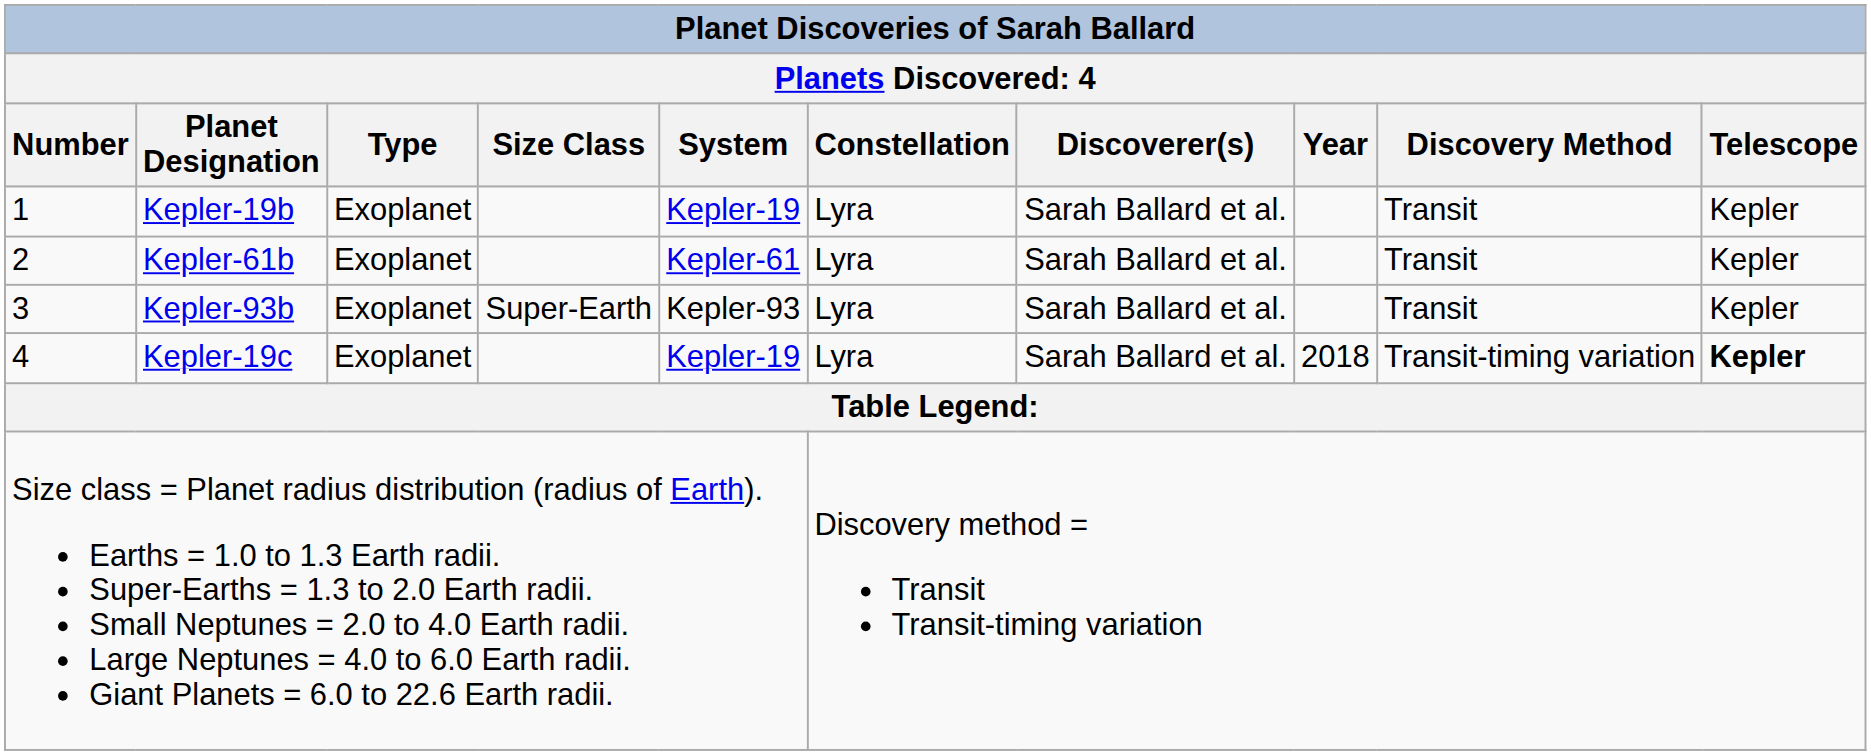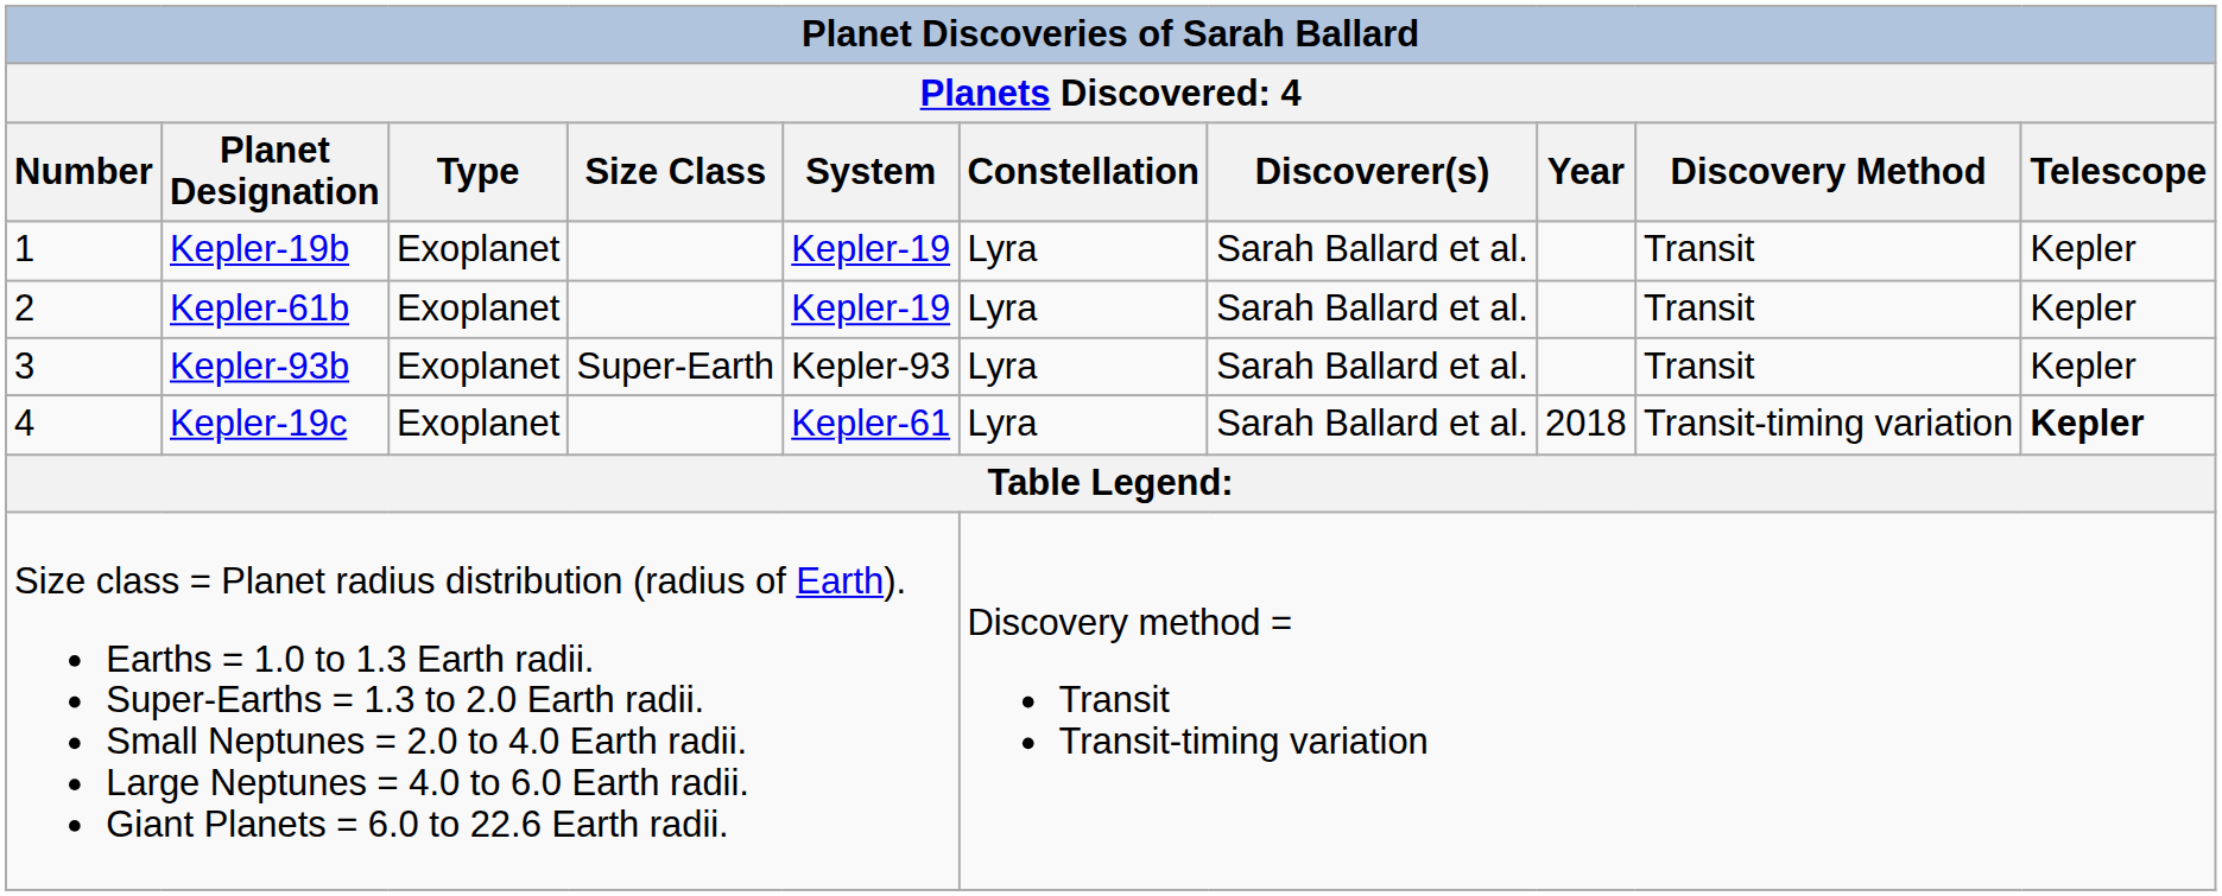 <table class="wikitable">
 <tr style="background:#ccc; text-align:center;">
 <th colspan="10" style="background: LightSteelBlue;">Planet Discoveries of Sarah Ballard</th>
 </tr>
 <tr style="background:#ccc; text-align:center;">
 <th colspan="10" style="background: "><a href='#'>Planets</a> Discovered: 4</th>
 </tr>
 <tr style="background:#ccc; text-align:center;">
 <th>Number</th>
 <th>Planet<br>Designation</th>
 <th>Type</th>
 <th>Size Class</th>
 <th>System</th>
 <th>Constellation</th>
 <th>Discoverer(s)</th>
 <th>Year</th>
 <th>Discovery Method</th>
 <th>Telescope</th>
 </tr>
 <tr>
 <td>1</td>
 <td><a href='#'>Kepler-19b</a></td>
 <td>Exoplanet</td>
 <td></td>
 <td><a href='#'>Kepler-19</a></td>
 <td>Lyra</td>
 <td>Sarah Ballard et al.</td>
 <td></td>
 <td>Transit</td>
 <td>Kepler</td>
 </tr>
 <tr>
 <td>2</td>
 <td><a href='#'>Kepler-61b</a></td>
 <td>Exoplanet</td>
 <td></td>
-<td><a href='#'>Kepler-61</a></td>
+<td><a href='#'>Kepler-19</a></td>
 <td>Lyra</td>
 <td>Sarah Ballard et al.</td>
 <td></td>
 <td>Transit</td>
 <td>Kepler</td>
 </tr>
 <tr>
 <td>3</td>
 <td><a href='#'>Kepler-93b</a></td>
 <td>Exoplanet</td>
 <td>Super-Earth</td>
 <td>Kepler-93</td>
 <td>Lyra</td>
 <td>Sarah Ballard et al.</td>
 <td></td>
 <td>Transit</td>
 <td>Kepler</td>
 </tr>
 <tr>
 <td>4</td>
 <td><a href='#'>Kepler-19c</a></td>
 <td>Exoplanet</td>
 <td></td>
-<td><a href='#'>Kepler-19</a></td>
+<td><a href='#'>Kepler-61</a></td>
 <td>Lyra</td>
 <td>Sarah Ballard et al.</td>
 <td>2018</td>
 <td>Transit-timing variation</td>
 <td><strong>Kepler</strong></td>
 </tr>
 <tr class="sortbottom">
 <th colspan="10">Table Legend:</th>
 </tr>
 <tr class="sortbottom">
 <td colspan="5" style="text-align:left"><br>Size class = Planet radius distribution (radius of <a href='#'>Earth</a>).<ul><li>Earths         = 1.0 to 1.3 Earth radii.</li><li>Super-Earths   = 1.3 to 2.0 Earth radii.</li><li>Small Neptunes = 2.0 to 4.0 Earth radii.</li><li>Large Neptunes = 4.0 to 6.0 Earth radii.</li><li>Giant Planets  = 6.0 to 22.6 Earth radii.</li></ul></td>
 <td colspan="5" style="text-align:left">Discovery method =<br><ul><li>Transit</li><li>Transit-timing variation</li></ul></td>
 </tr>
 </table>
